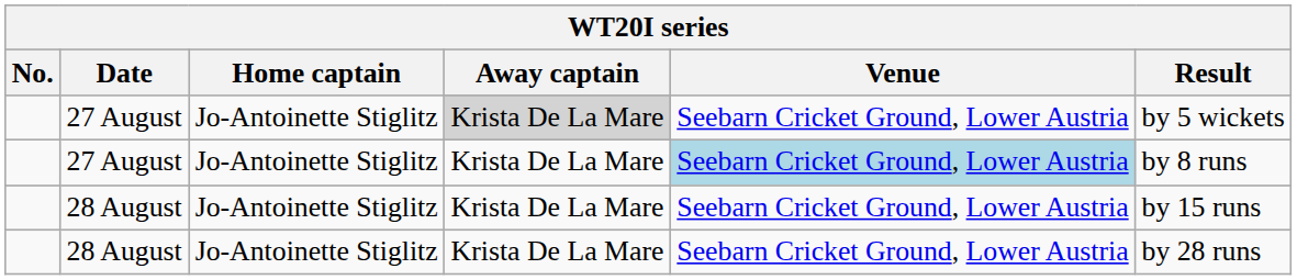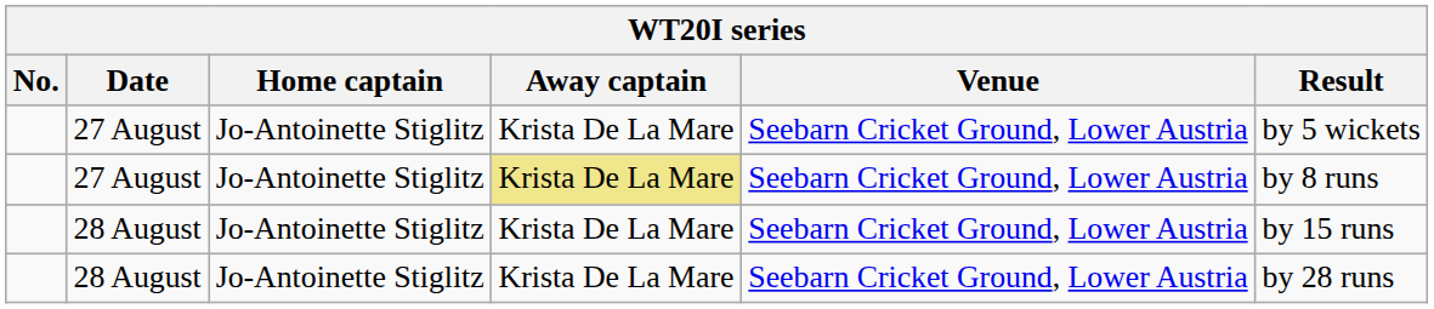 <table class="wikitable">
 <tr>
 <th colspan="6">WT20I series</th>
 </tr>
 <tr>
 <th>No.</th>
 <th>Date</th>
 <th>Home captain</th>
 <th>Away captain</th>
 <th>Venue</th>
 <th>Result</th>
 </tr>
 <tr>
 <td></td>
 <td>27 August</td>
 <td>Jo-Antoinette Stiglitz</td>
-<td style="background: lightgrey;">Krista De La Mare</td>
+<td>Krista De La Mare</td>
 <td><a href='#'>Seebarn Cricket Ground</a>, <a href='#'>Lower Austria</a></td>
 <td> by 5 wickets</td>
 </tr>
 <tr>
 <td></td>
 <td>27 August</td>
 <td>Jo-Antoinette Stiglitz</td>
-<td>Krista De La Mare</td>
-<td style="background: lightblue;"><a href='#'>Seebarn Cricket Ground</a>, <a href='#'>Lower Austria</a></td>
+<td style="background: khaki;">Krista De La Mare</td>
+<td><a href='#'>Seebarn Cricket Ground</a>, <a href='#'>Lower Austria</a></td>
 <td> by 8 runs</td>
 </tr>
 <tr>
 <td></td>
 <td>28 August</td>
 <td>Jo-Antoinette Stiglitz</td>
 <td>Krista De La Mare</td>
 <td><a href='#'>Seebarn Cricket Ground</a>, <a href='#'>Lower Austria</a></td>
 <td> by 15 runs</td>
 </tr>
 <tr>
 <td></td>
 <td>28 August</td>
 <td>Jo-Antoinette Stiglitz</td>
 <td>Krista De La Mare</td>
 <td><a href='#'>Seebarn Cricket Ground</a>, <a href='#'>Lower Austria</a></td>
 <td> by 28 runs</td>
 </tr>
 </table>
